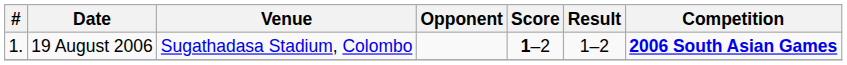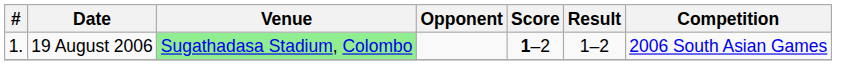 <table class="wikitable" style="font-size:95%">
 <tr>
 <th>#</th>
 <th>Date</th>
 <th>Venue</th>
 <th>Opponent</th>
 <th>Score</th>
 <th>Result</th>
 <th>Competition</th>
 </tr>
 <tr>
 <td>1.</td>
 <td>19 August 2006</td>
-<td><a href='#'>Sugathadasa Stadium</a>, <a href='#'>Colombo</a></td>
+<td style="background: lightgreen;"><a href='#'>Sugathadasa Stadium</a>, <a href='#'>Colombo</a></td>
 <td></td>
 <td style="text-align:center;"><strong>1</strong>–2</td>
 <td style="text-align:center;">1–2</td>
-<td><strong><a href='#'>2006 South Asian Games</a></strong></td>
+<td><a href='#'>2006 South Asian Games</a></td>
 </tr>
 <tr>
 </tr>
 </table>
